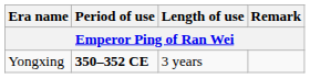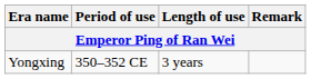 <table class="wikitable">
 <tr>
 <th>Era name</th>
 <th>Period of use</th>
 <th>Length of use</th>
 <th>Remark</th>
 </tr>
 <tr>
 <th colspan="4"><a href='#'>Emperor Ping of Ran Wei</a><br></th>
 </tr>
 <tr>
 <td>Yongxing<br></td>
-<td><strong>350–352 CE</strong></td>
+<td>350–352 CE</td>
 <td>3 years</td>
 <td></td>
 </tr>
 </table>
